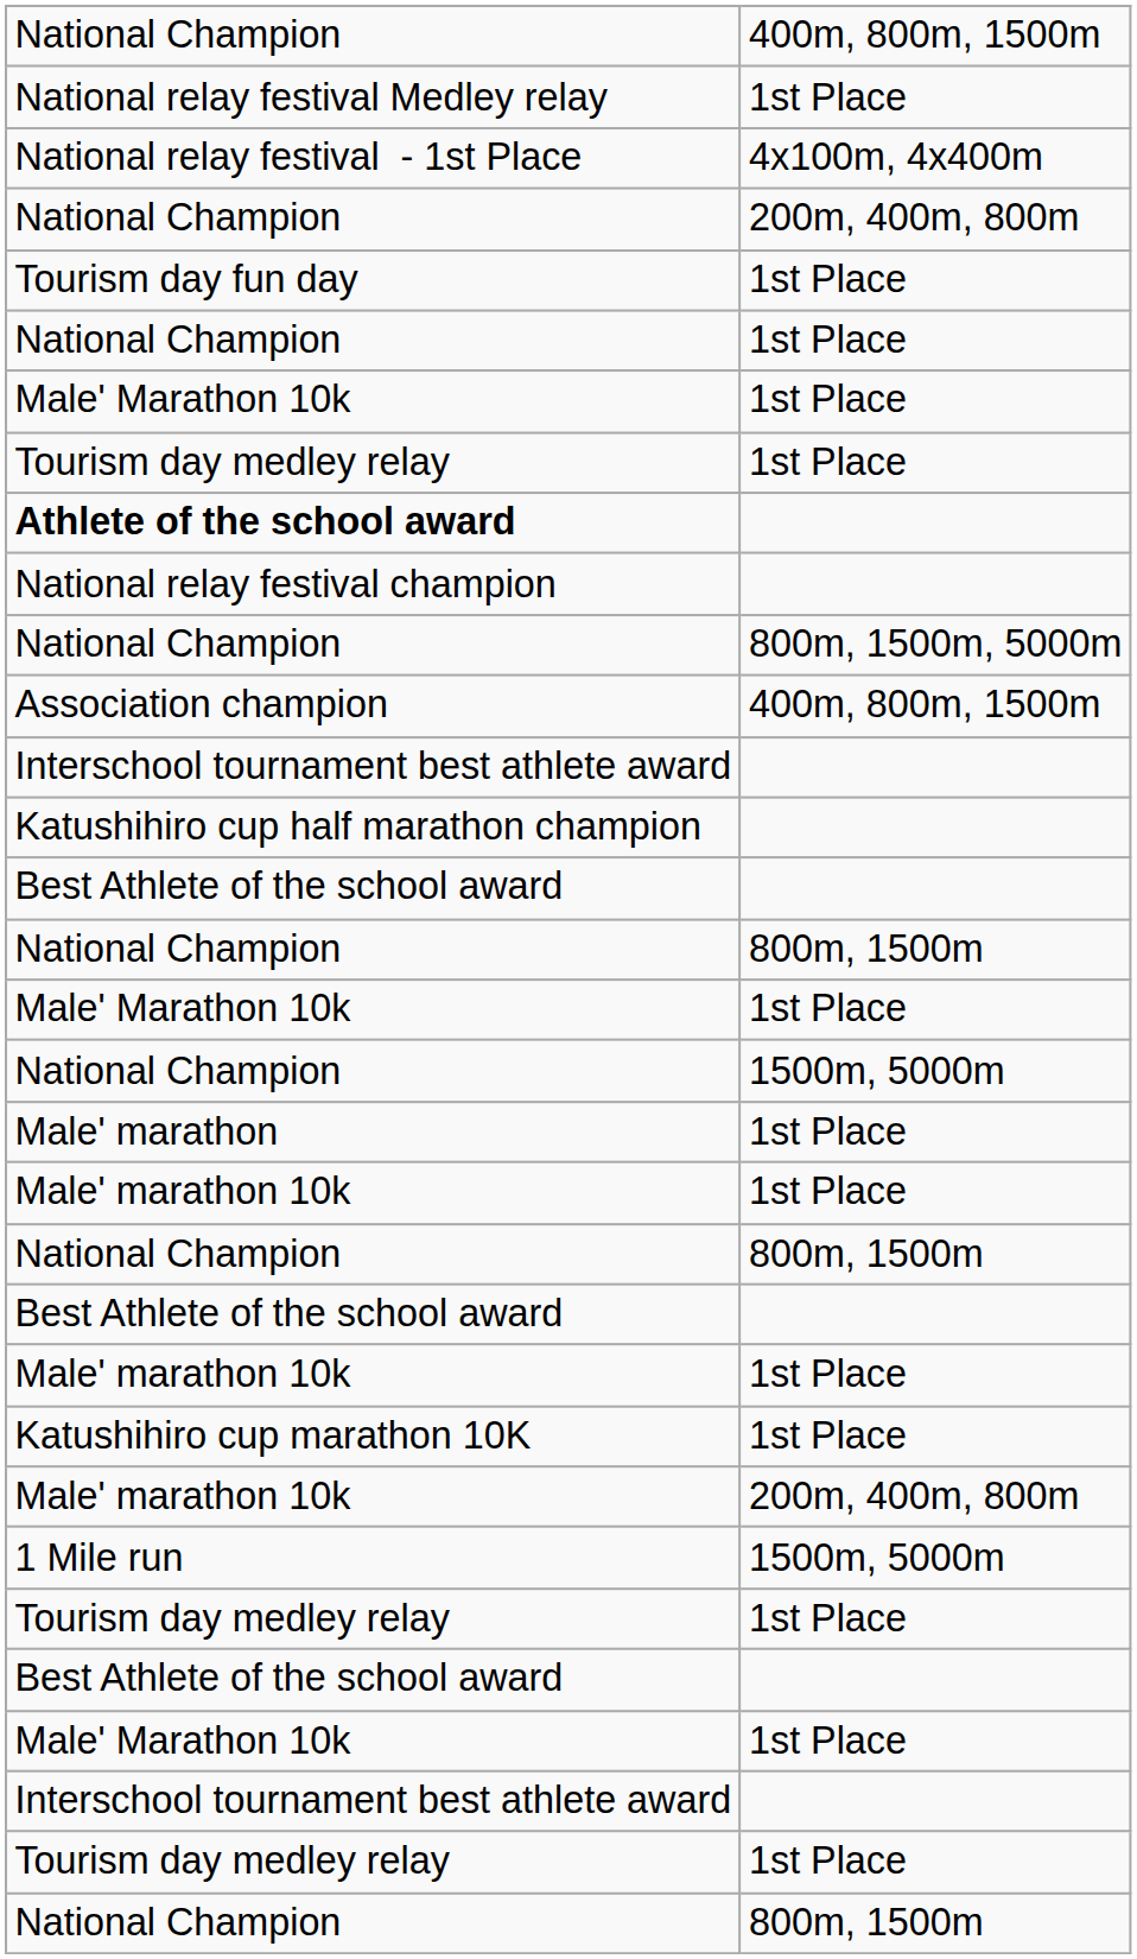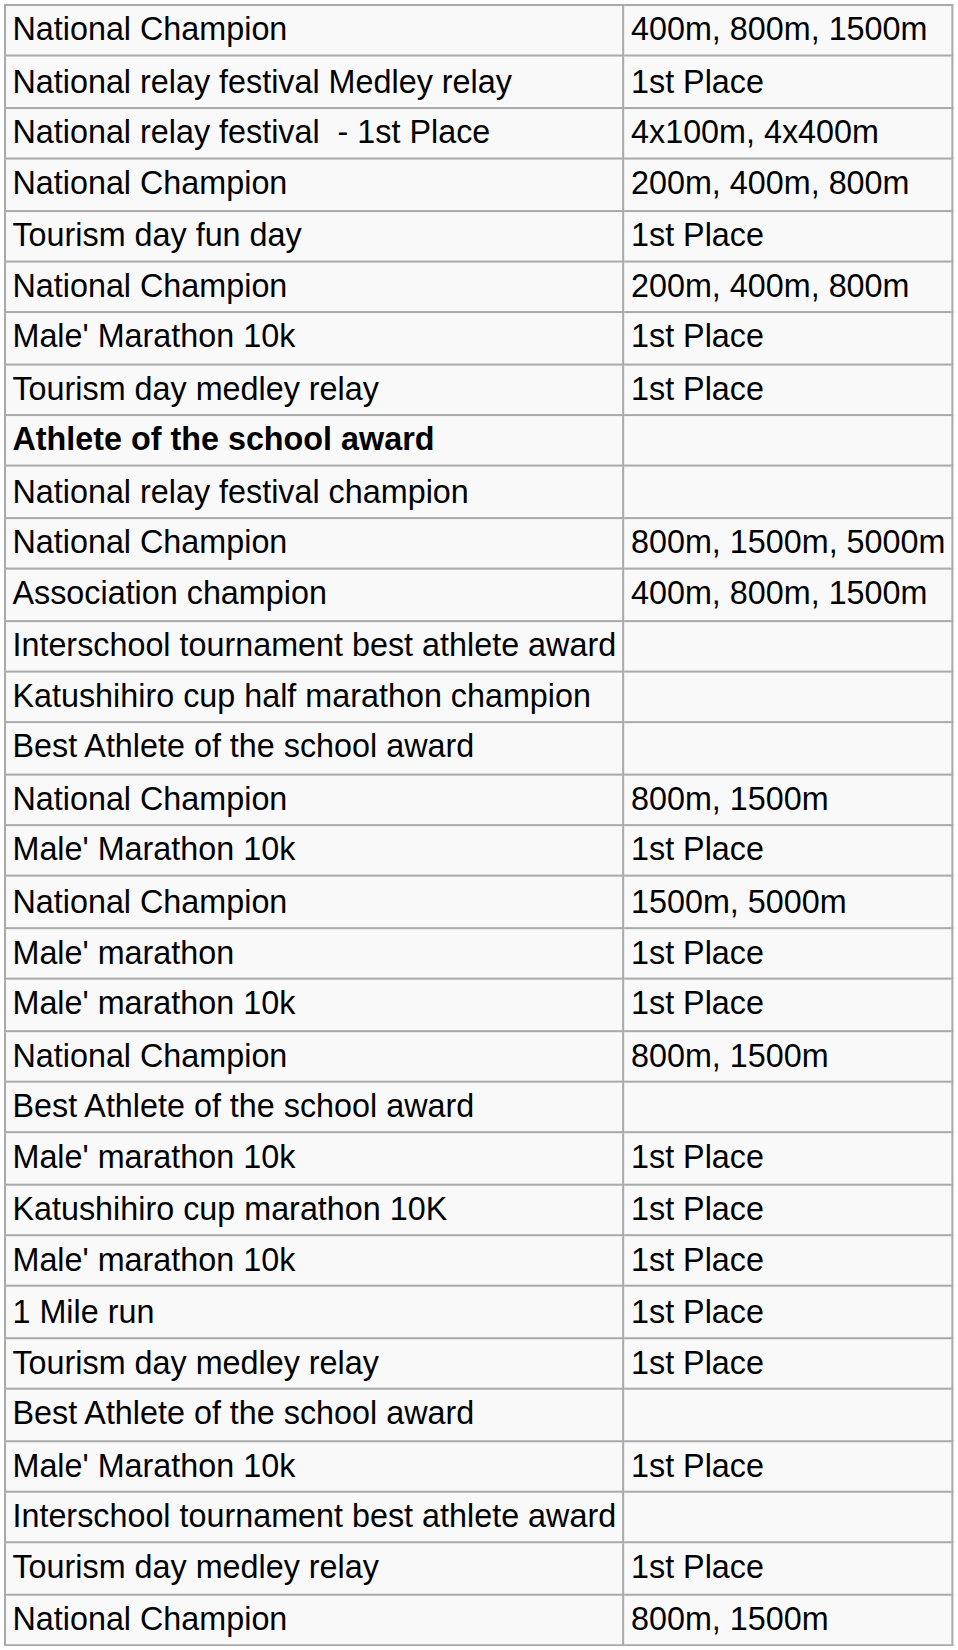 <table class="wikitable">
 <tr>
 <td>National Champion</td>
 <td>400m, 800m, 1500m</td>
 </tr>
 <tr>
 <td>National relay festival Medley relay</td>
 <td>1st Place</td>
 </tr>
 <tr>
 <td>National relay festival  - 1st Place</td>
 <td>4x100m, 4x400m</td>
 </tr>
 <tr>
 <td>National Champion</td>
 <td>200m, 400m, 800m</td>
 </tr>
 <tr>
 <td>Tourism day fun day</td>
 <td>1st Place</td>
 </tr>
 <tr>
 <td>National Champion</td>
-<td>1st Place</td>
+<td>200m, 400m, 800m</td>
 </tr>
 <tr>
 <td>Male' Marathon 10k</td>
 <td>1st Place</td>
 </tr>
 <tr>
 <td>Tourism day medley relay</td>
 <td>1st Place</td>
 </tr>
 <tr>
 <td><strong>Athlete of the school award</strong></td>
 <td></td>
 </tr>
 <tr>
 <td>National relay festival champion</td>
 <td></td>
 </tr>
 <tr>
 <td>National Champion</td>
 <td>800m, 1500m, 5000m</td>
 </tr>
 <tr>
 <td>Association champion</td>
 <td>400m, 800m, 1500m</td>
 </tr>
 <tr>
 <td>Interschool tournament best athlete award</td>
 <td></td>
 </tr>
 <tr>
 <td>Katushihiro cup half marathon champion</td>
 <td></td>
 </tr>
 <tr>
 <td>Best Athlete of the school award</td>
 <td></td>
 </tr>
 <tr>
 <td>National Champion</td>
 <td>800m, 1500m</td>
 </tr>
 <tr>
 <td>Male' Marathon 10k</td>
 <td>1st Place</td>
 </tr>
 <tr>
 <td>National Champion</td>
 <td>1500m, 5000m</td>
 </tr>
 <tr>
 <td>Male' marathon</td>
 <td>1st Place</td>
 </tr>
 <tr>
 <td>Male' marathon 10k</td>
 <td>1st Place</td>
 </tr>
 <tr>
 <td>National Champion</td>
 <td>800m, 1500m</td>
 </tr>
 <tr>
 <td>Best Athlete of the school award</td>
 <td></td>
 </tr>
 <tr>
 <td>Male' marathon 10k</td>
 <td>1st Place</td>
 </tr>
 <tr>
 <td>Katushihiro cup marathon 10K</td>
 <td>1st Place</td>
 </tr>
 <tr>
 <td>Male' marathon 10k</td>
-<td>200m, 400m, 800m</td>
+<td>1st Place</td>
 </tr>
 <tr>
 <td>1 Mile run</td>
-<td>1500m, 5000m</td>
+<td>1st Place</td>
 </tr>
 <tr>
 <td>Tourism day medley relay</td>
 <td>1st Place</td>
 </tr>
 <tr>
 <td>Best Athlete of the school award</td>
 <td></td>
 </tr>
 <tr>
 <td>Male' Marathon 10k</td>
 <td>1st Place</td>
 </tr>
 <tr>
 <td>Interschool tournament best athlete award</td>
 <td></td>
 </tr>
 <tr>
 <td>Tourism day medley relay</td>
 <td>1st Place</td>
 </tr>
 <tr>
 <td>National Champion</td>
 <td>800m, 1500m</td>
 </tr>
 </table>
